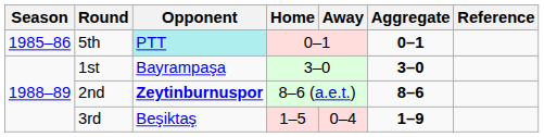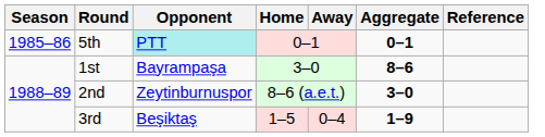 <table class="wikitable">
 <tr>
 <th>Season</th>
 <th>Round</th>
 <th>Opponent</th>
 <th>Home</th>
 <th>Away</th>
 <th>Aggregate</th>
 <th>Reference</th>
 </tr>
 <tr>
 <td><a href='#'>1985–86</a></td>
 <td>5th</td>
 <td style="background: paleturquoise;"><a href='#'>PTT</a></td>
 <td style="text-align:center; background:#fdd;" colspan="2">0–1</td>
 <td style="text-align:center;"><strong>0–1</strong></td>
 <td></td>
 </tr>
 <tr>
 <td rowspan="3"><a href='#'>1988–89</a></td>
 <td>1st</td>
 <td><a href='#'>Bayrampaşa</a></td>
 <td style="text-align:center; background:#dfd;" colspan="2">3–0</td>
-<td style="text-align:center;"><strong>3–0</strong></td>
+<td style="text-align:center;"><strong>8–6</strong></td>
 <td></td>
 </tr>
 <tr>
 <td>2nd</td>
-<td><strong><a href='#'>Zeytinburnuspor</a></strong></td>
+<td><a href='#'>Zeytinburnuspor</a></td>
 <td style="text-align:center; background:#dfd" colspan="2">8–6 (<a href='#'>a.e.t.</a>)</td>
-<td style="text-align:center;"><strong>8–6</strong></td>
+<td style="text-align:center;"><strong>3–0</strong></td>
 <td></td>
 </tr>
 <tr>
 <td>3rd</td>
 <td><a href='#'>Beşiktaş</a></td>
 <td style="text-align:center; background:#fdd;">1–5</td>
 <td style="text-align:center; background:#fdd;">0–4</td>
 <td style="text-align:center;"><strong>1–9</strong></td>
 <td></td>
 </tr>
 </table>
